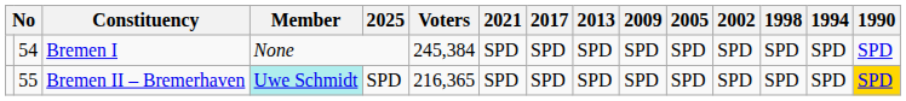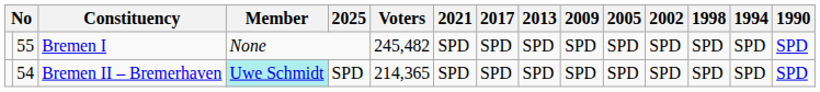 <table class="wikitable sortable">
 <tr>
 <th colspan=2>No</th>
 <th>Constituency</th>
 <th>Member</th>
 <th>2025</th>
 <th>Voters</th>
 <th>2021</th>
 <th>2017</th>
 <th>2013</th>
 <th>2009</th>
 <th>2005</th>
 <th>2002</th>
 <th>1998</th>
 <th>1994</th>
 <th>1990</th>
 </tr>
 <tr>
 <td></td>
-<td>54</td>
+<td>55</td>
 <td><a href='#'>Bremen I</a></td>
 <td colspan="2"><em>None</em></td>
-<td>245,384</td>
+<td>245,482</td>
 <td bgcolor=>SPD</td>
 <td bgcolor=>SPD</td>
 <td bgcolor=>SPD</td>
 <td bgcolor=>SPD</td>
 <td bgcolor=>SPD</td>
 <td bgcolor=>SPD</td>
 <td bgcolor=>SPD</td>
 <td bgcolor=>SPD</td>
 <td><a href='#'>SPD</a></td>
 </tr>
 <tr>
 <td style="background-color: "></td>
-<td>55</td>
+<td>54</td>
 <td><a href='#'>Bremen II – Bremerhaven</a></td>
 <td style="background: paleturquoise;"><a href='#'>Uwe Schmidt</a></td>
 <td bgcolor=>SPD</td>
-<td>216,365</td>
+<td>214,365</td>
 <td bgcolor=>SPD</td>
 <td bgcolor=>SPD</td>
 <td bgcolor=>SPD</td>
 <td bgcolor=>SPD</td>
 <td bgcolor=>SPD</td>
 <td bgcolor=>SPD</td>
 <td bgcolor=>SPD</td>
 <td bgcolor=>SPD</td>
-<td style="background: gold;"><a href='#'>SPD</a></td>
+<td><a href='#'>SPD</a></td>
 </tr>
 </table>
